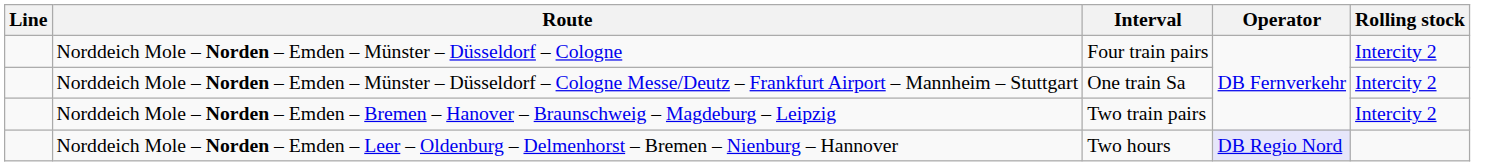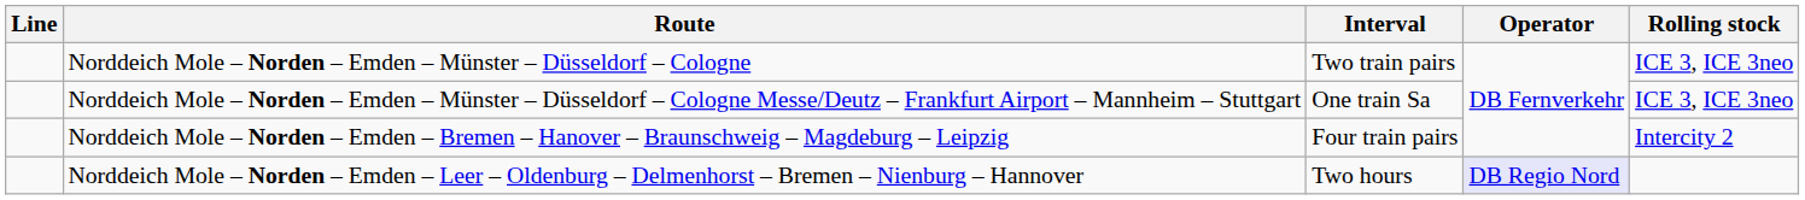 <table class="wikitable">
 <tr>
 <th>Line</th>
 <th>Route</th>
 <th>Interval</th>
 <th>Operator</th>
 <th>Rolling stock</th>
 </tr>
 <tr>
 <td></td>
 <td>Norddeich Mole – <strong>Norden</strong> – Emden – Münster – <a href='#'>Düsseldorf</a> – <a href='#'>Cologne</a></td>
-<td>Four train pairs</td>
+<td>Two train pairs</td>
 <td rowspan="3"><a href='#'>DB Fernverkehr</a></td>
-<td><a href='#'>Intercity 2</a></td>
+<td><a href='#'>ICE 3</a>, <a href='#'>ICE 3neo</a></td>
 </tr>
 <tr>
 <td></td>
 <td>Norddeich Mole – <strong>Norden</strong> – Emden – Münster – Düsseldorf – <a href='#'>Cologne Messe/Deutz</a> – <a href='#'>Frankfurt Airport</a> – Mannheim – Stuttgart</td>
 <td>One train Sa</td>
-<td><a href='#'>Intercity 2</a></td>
+<td><a href='#'>ICE 3</a>, <a href='#'>ICE 3neo</a></td>
 </tr>
 <tr>
 <td></td>
 <td>Norddeich Mole – <strong>Norden</strong> – Emden – <a href='#'>Bremen</a> – <a href='#'>Hanover</a> – <a href='#'>Braunschweig</a> – <a href='#'>Magdeburg</a> – <a href='#'>Leipzig</a></td>
-<td>Two train pairs</td>
+<td>Four train pairs</td>
 <td><a href='#'>Intercity 2</a></td>
 </tr>
 <tr>
 <td></td>
 <td>Norddeich Mole – <strong>Norden</strong>  – Emden – <a href='#'>Leer</a> – <a href='#'>Oldenburg</a> – <a href='#'>Delmenhorst</a> – Bremen – <a href='#'>Nienburg</a> – Hannover</td>
 <td>Two hours</td>
 <td style="background: lavender;"><a href='#'>DB Regio Nord</a></td>
 <td></td>
 </tr>
 </table>
